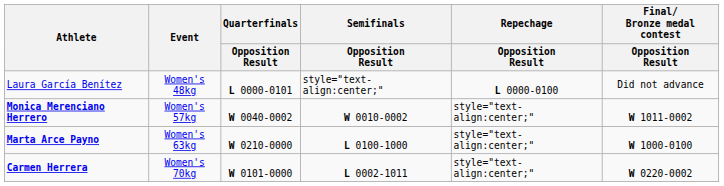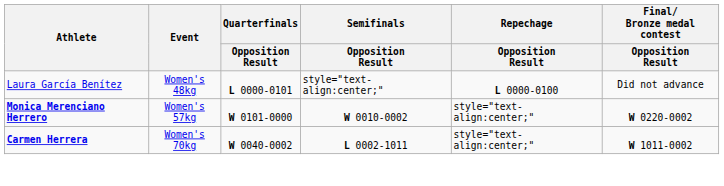 <table class= wikitable style="font-size:90%">
 <tr>
 <th rowspan="2">Athlete</th>
 <th rowspan="2">Event</th>
 <th>Quarterfinals</th>
 <th>Semifinals</th>
 <th>Repechage</th>
 <th>Final/<br>Bronze medal contest</th>
 </tr>
 <tr>
 <th>Opposition<br>Result</th>
 <th>Opposition<br>Result</th>
 <th>Opposition<br>Result</th>
 <th>Opposition<br>Result</th>
 </tr>
 <tr>
 <td><a href='#'>Laura García Benítez</a></td>
 <td style="text-align:center;"><a href='#'>Women's 48kg</a></td>
 <td style="text-align:center;"><br><strong>L</strong> 0000-0101</td>
 <td>style="text-align:center;" </td>
 <td style="text-align:center;"><br><strong>L</strong> 0000-0100</td>
 <td style="text-align:center;">Did not advance</td>
 </tr>
 <tr>
 <td><strong><a href='#'>Monica Merenciano Herrero</a></strong></td>
 <td style="text-align:center;"><a href='#'>Women's 57kg</a></td>
-<td style="text-align:center;"><br><strong>W</strong> 0040-0002</td>
+<td style="text-align:center;"><br><strong>W</strong> 0101-0000</td>
 <td style="text-align:center;"><br><strong>W</strong> 0010-0002</td>
 <td>style="text-align:center;" </td>
-<td style="text-align:center;"><br><strong>W</strong> 1011-0002 </td>
-</tr>
-<tr>
-<td><strong><a href='#'>Marta Arce Payno</a></strong></td>
-<td style="text-align:center;"><a href='#'>Women's 63kg</a></td>
-<td style="text-align:center;"><br><strong>W</strong> 0210-0000</td>
-<td style="text-align:center;"><br><strong>L</strong> 0100-1000</td>
-<td>style="text-align:center;" </td>
-<td style="text-align:center;"><br><strong>W</strong> 1000-0100 </td>
+<td style="text-align:center;"><br><strong>W</strong> 0220-0002 </td>
 </tr>
 <tr>
 <td><strong><a href='#'>Carmen Herrera</a></strong></td>
 <td style="text-align:center;"><a href='#'>Women's 70kg</a></td>
-<td style="text-align:center;"><br><strong>W</strong> 0101-0000</td>
+<td style="text-align:center;"><br><strong>W</strong> 0040-0002</td>
 <td style="text-align:center;"><br><strong>L</strong> 0002-1011</td>
 <td>style="text-align:center;" </td>
-<td style="text-align:center;"><br><strong>W</strong> 0220-0002 </td>
+<td style="text-align:center;"><br><strong>W</strong> 1011-0002 </td>
 </tr>
 </table>
